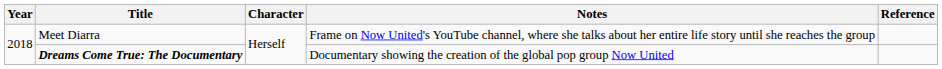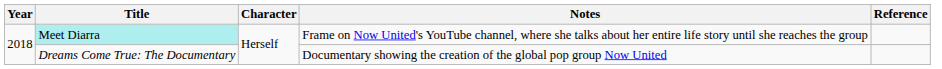 <table class="wikitable">
 <tr>
 <th>Year</th>
 <th>Title</th>
 <th>Character</th>
 <th>Notes</th>
 <th>Reference</th>
 </tr>
 <tr>
 <td rowspan="2">2018</td>
-<td>Meet Diarra</td>
+<td style="background: paleturquoise;">Meet Diarra</td>
 <td rowspan="2">Herself</td>
 <td>Frame on <a href='#'>Now United</a>'s YouTube channel, where she talks about her entire life story until she reaches the group</td>
 <td></td>
 </tr>
 <tr>
-<td><strong><em>Dreams Come True: The Documentary</em></strong></td>
+<td><em>Dreams Come True: The Documentary</em></td>
 <td>Documentary showing the creation of the global pop group <a href='#'>Now United</a></td>
 <td></td>
 </tr>
 </table>
